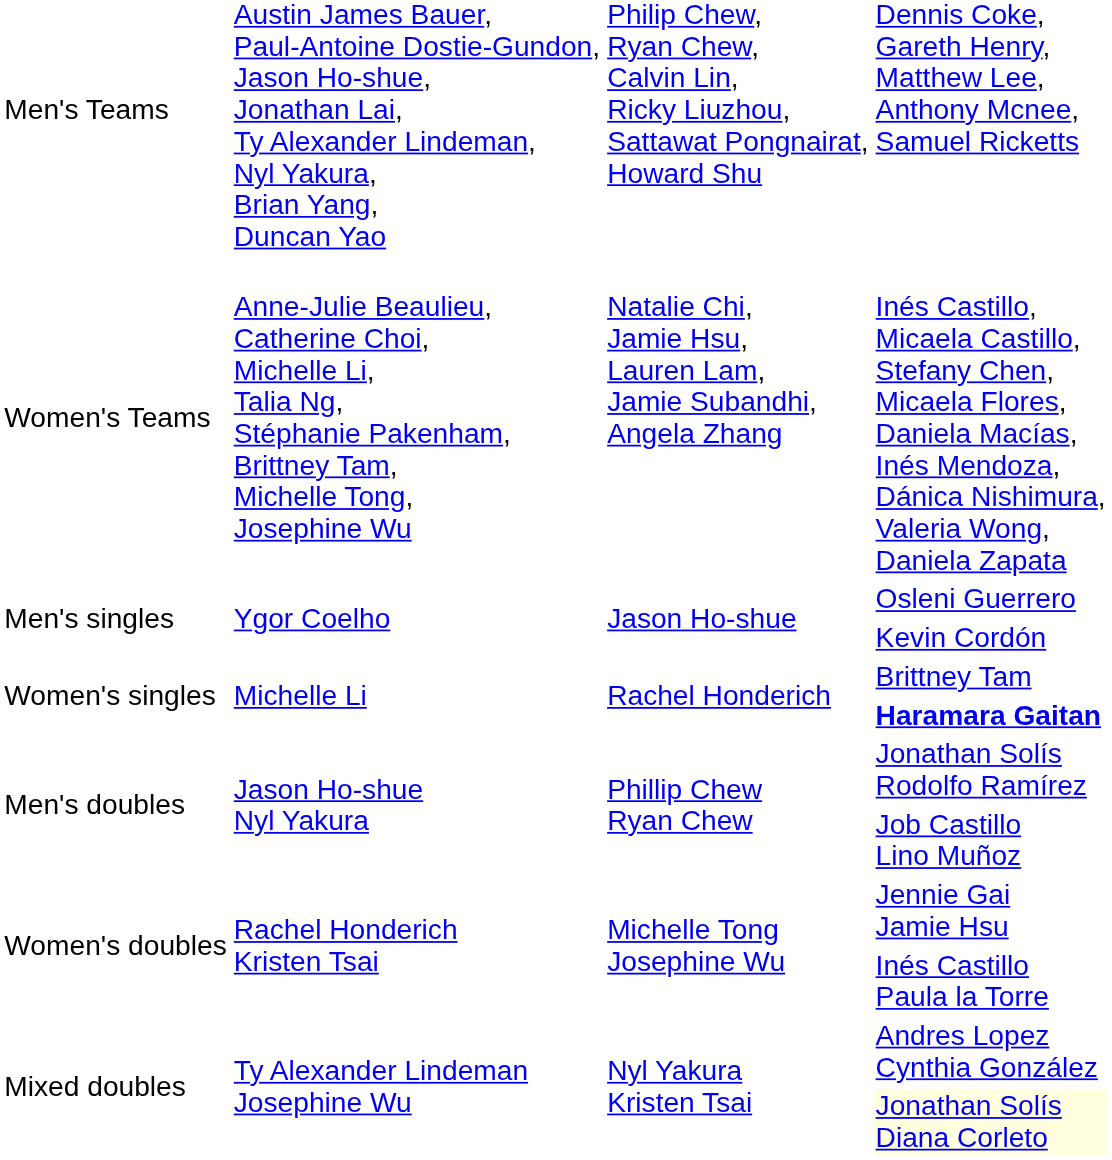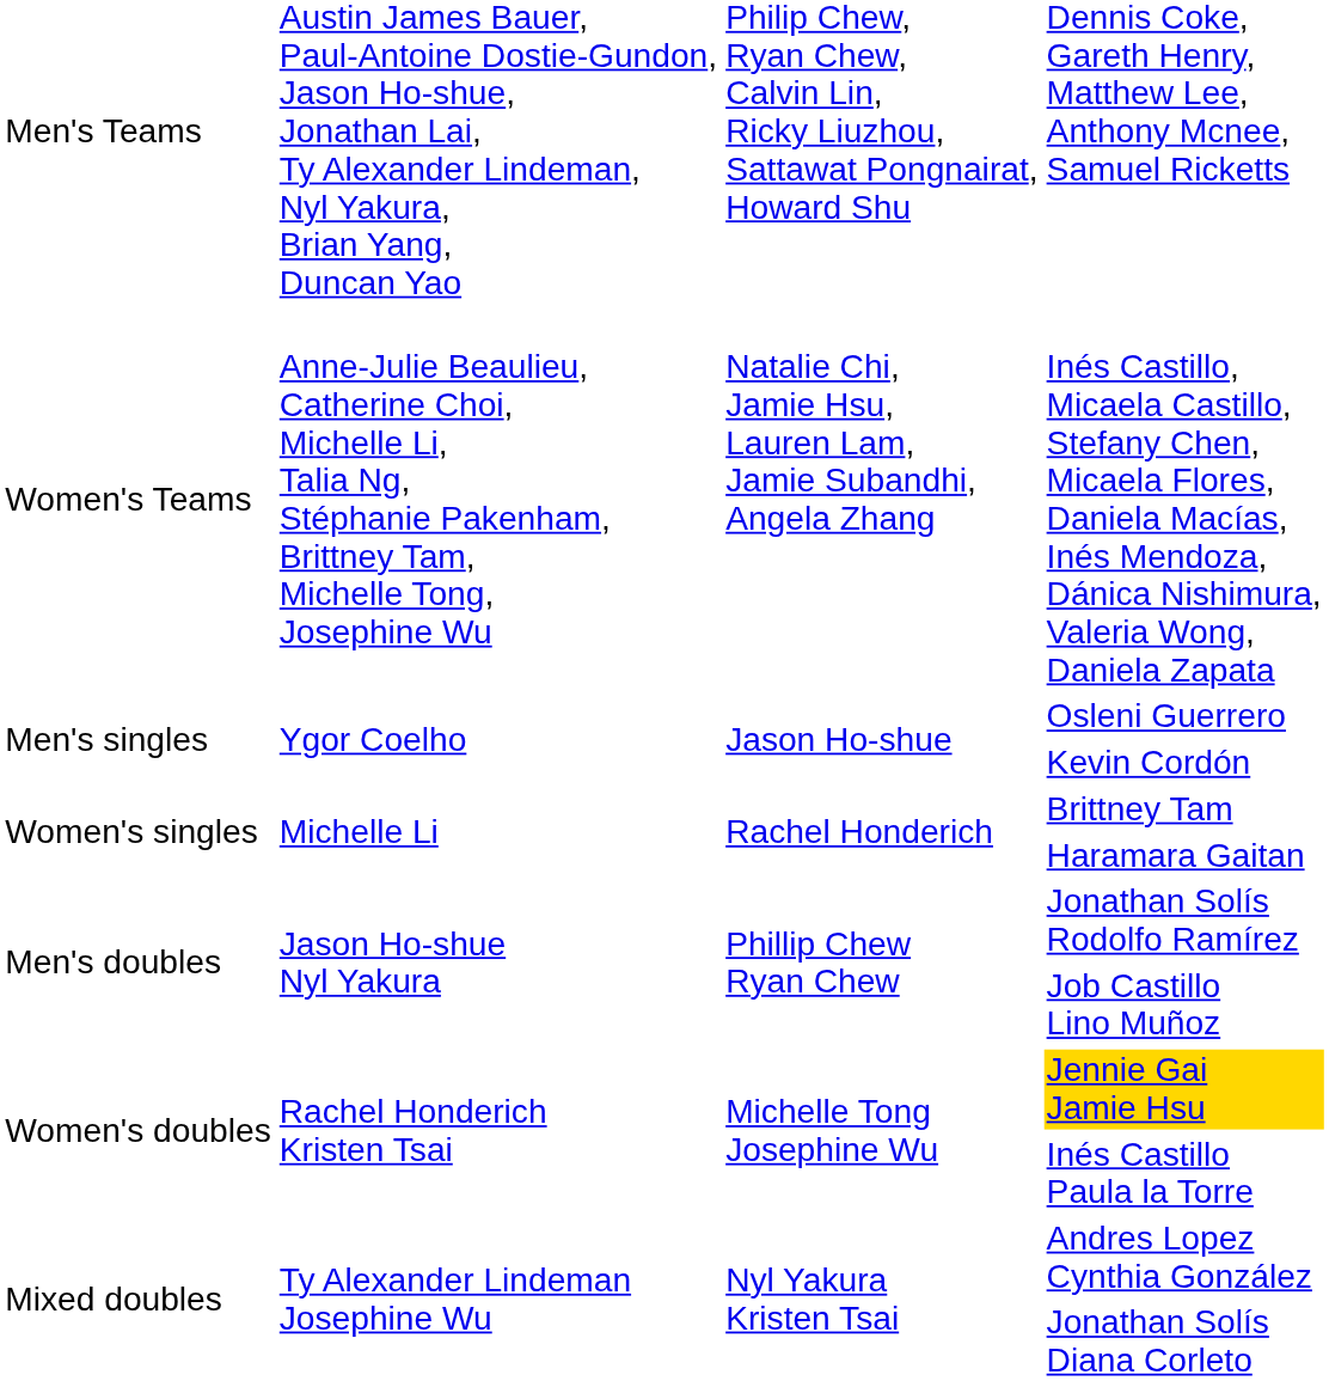 <table>
 <tr>
 </tr>
 <tr>
 <td>Men's Teams</td>
 <td align="left" valign="top"><br><a href='#'>Austin James Bauer</a>,<br><a href='#'>Paul-Antoine Dostie-Gundon</a>,<br><a href='#'>Jason Ho-shue</a>,<br><a href='#'>Jonathan Lai</a>,<br><a href='#'>Ty Alexander Lindeman</a>,<br><a href='#'>Nyl Yakura</a>,<br><a href='#'>Brian Yang</a>,<br><a href='#'>Duncan Yao</a></td>
 <td align="left" valign="top"><br><a href='#'>Philip Chew</a>,<br><a href='#'>Ryan Chew</a>,<br><a href='#'>Calvin Lin</a>,<br><a href='#'>Ricky Liuzhou</a>,<br><a href='#'>Sattawat Pongnairat</a>,<br><a href='#'>Howard Shu</a></td>
 <td align="left" valign="top"><br><a href='#'>Dennis Coke</a>,<br><a href='#'>Gareth Henry</a>,<br><a href='#'>Matthew Lee</a>,<br><a href='#'>Anthony Mcnee</a>,<br><a href='#'>Samuel Ricketts</a></td>
 </tr>
 <tr>
 <td>Women's Teams</td>
 <td align="left" valign="top"><br><a href='#'>Anne-Julie Beaulieu</a>,<br><a href='#'>Catherine Choi</a>,<br><a href='#'>Michelle Li</a>,<br><a href='#'>Talia Ng</a>,<br><a href='#'>Stéphanie Pakenham</a>,<br><a href='#'>Brittney Tam</a>,<br><a href='#'>Michelle Tong</a>,<br><a href='#'>Josephine Wu</a></td>
 <td align="left" valign="top"><br><a href='#'>Natalie Chi</a>,<br><a href='#'>Jamie Hsu</a>,<br><a href='#'>Lauren Lam</a>,<br><a href='#'>Jamie Subandhi</a>,<br><a href='#'>Angela Zhang</a></td>
 <td align="left" valign="top"><br><a href='#'>Inés Castillo</a>,<br><a href='#'>Micaela Castillo</a>,<br><a href='#'>Stefany Chen</a>,<br><a href='#'>Micaela Flores</a>,<br><a href='#'>Daniela Macías</a>,<br><a href='#'>Inés Mendoza</a>,<br><a href='#'>Dánica Nishimura</a>,<br><a href='#'>Valeria Wong</a>,<br><a href='#'>Daniela Zapata</a></td>
 </tr>
 <tr>
 <td rowspan=2>Men's singles</td>
 <td rowspan=2> <a href='#'>Ygor Coelho</a></td>
 <td rowspan=2> <a href='#'>Jason Ho-shue</a></td>
 <td> <a href='#'>Osleni Guerrero</a></td>
 </tr>
 <tr>
 <td> <a href='#'>Kevin Cordón</a></td>
 </tr>
 <tr>
 <td rowspan=2>Women's singles</td>
 <td rowspan=2> <a href='#'>Michelle Li</a></td>
 <td rowspan=2> <a href='#'>Rachel Honderich</a></td>
 <td> <a href='#'>Brittney Tam</a></td>
 </tr>
 <tr>
-<td><strong> <a href='#'>Haramara Gaitan</a></strong></td>
+<td> <a href='#'>Haramara Gaitan</a></td>
 </tr>
 <tr>
 <td rowspan=2>Men's doubles</td>
 <td rowspan=2> <a href='#'>Jason Ho-shue</a><br> <a href='#'>Nyl Yakura</a></td>
 <td rowspan=2> <a href='#'>Phillip Chew</a><br> <a href='#'>Ryan Chew</a></td>
 <td> <a href='#'>Jonathan Solís</a><br> <a href='#'>Rodolfo Ramírez</a></td>
 </tr>
 <tr>
 <td> <a href='#'>Job Castillo</a><br> <a href='#'>Lino Muñoz</a></td>
 </tr>
 <tr>
 <td rowspan=2>Women's doubles</td>
 <td rowspan=2> <a href='#'>Rachel Honderich</a><br> <a href='#'>Kristen Tsai</a></td>
 <td rowspan=2> <a href='#'>Michelle Tong</a><br> <a href='#'>Josephine Wu</a></td>
-<td> <a href='#'>Jennie Gai</a><br> <a href='#'>Jamie Hsu</a></td>
+<td style="background: gold;"> <a href='#'>Jennie Gai</a><br> <a href='#'>Jamie Hsu</a></td>
 </tr>
 <tr>
 <td> <a href='#'>Inés Castillo</a><br> <a href='#'>Paula la Torre</a></td>
 </tr>
 <tr>
 <td rowspan=2>Mixed doubles</td>
 <td rowspan=2> <a href='#'>Ty Alexander Lindeman</a><br> <a href='#'>Josephine Wu</a></td>
 <td rowspan=2> <a href='#'>Nyl Yakura</a><br> <a href='#'>Kristen Tsai</a></td>
 <td> <a href='#'>Andres Lopez</a><br> <a href='#'>Cynthia González</a></td>
 </tr>
 <tr>
-<td style="background: lightyellow;"> <a href='#'>Jonathan Solís</a><br> <a href='#'>Diana Corleto</a></td>
+<td> <a href='#'>Jonathan Solís</a><br> <a href='#'>Diana Corleto</a></td>
 </tr>
 </table>
